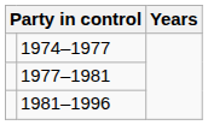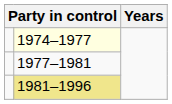 <table class="wikitable">
 <tr>
 <th colspan="2">Party in control</th>
 <th>Years</th>
 </tr>
 <tr>
 <td></td>
-<td>1974–1977</td>
+<td style="background: lightyellow;">1974–1977</td>
 </tr>
 <tr>
 <td></td>
 <td>1977–1981</td>
 </tr>
 <tr>
 <td></td>
-<td>1981–1996</td>
+<td style="background: khaki;">1981–1996</td>
 </tr>
 </table>
